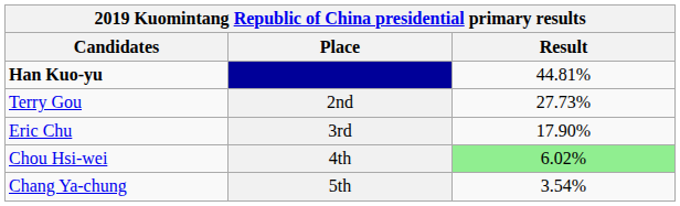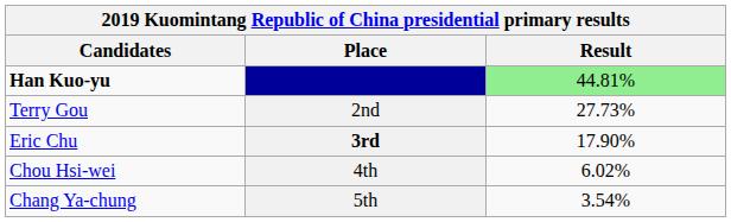 <table class="wikitable collapsible" style="margin:1em auto;">
 <tr>
 <th colspan="5" width=600>2019 Kuomintang <a href='#'>Republic of China presidential</a> primary results</th>
 </tr>
 <tr>
 <th width=80>Candidates</th>
 <th width=80>Place</th>
 <th width=80>Result</th>
 </tr>
 <tr>
 <td><strong>Han Kuo-yu</strong></td>
 <td style="background: #000099; text-align:center"><strong></strong></td>
-<td style="text-align:center">44.81%</td>
+<td style="background: lightgreen; text-align:center">44.81%</td>
 </tr>
 <tr>
 <td><a href='#'>Terry Gou</a></td>
 <td style="background: #f1f1f1; text-align:center">2nd</td>
 <td style="text-align:center">27.73%</td>
 </tr>
 <tr>
 <td><a href='#'>Eric Chu</a></td>
-<td style="background: #f1f1f1; text-align:center">3rd</td>
+<td style="background: #f1f1f1; text-align:center"><strong>3rd</strong></td>
 <td style="text-align:center">17.90%</td>
 </tr>
 <tr>
 <td><a href='#'>Chou Hsi-wei</a></td>
 <td style="background: #f1f1f1; text-align:center">4th</td>
-<td style="background: lightgreen; text-align:center">6.02%</td>
+<td style="text-align:center">6.02%</td>
 </tr>
 <tr>
 <td><a href='#'>Chang Ya-chung</a></td>
 <td style="background: #f1f1f1; text-align:center">5th</td>
 <td style="text-align:center">3.54%</td>
 </tr>
 </table>
